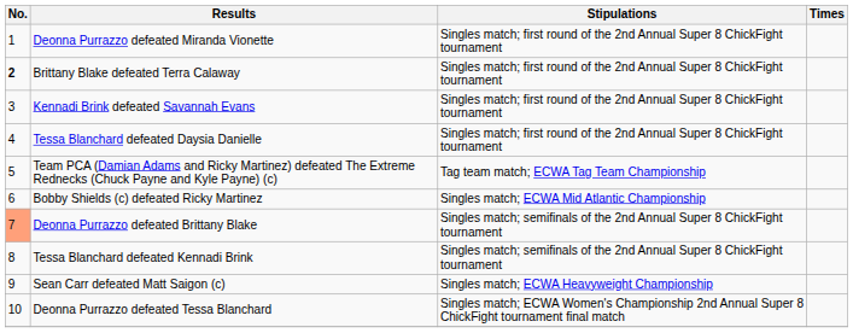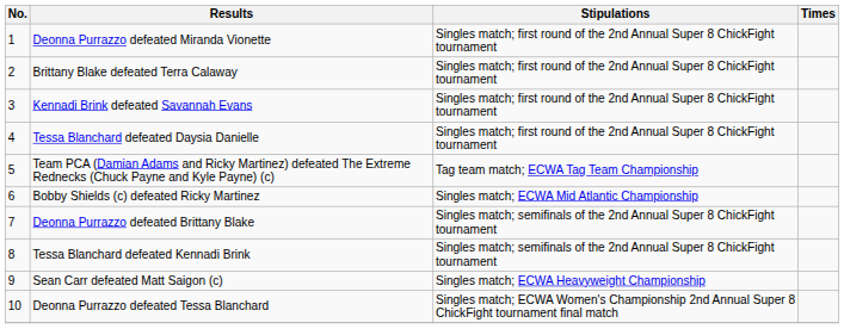 <table style="font-size: 100%" class="wikitable sortable" width="70%">
 <tr>
 <th><strong>No.</strong></th>
 <th><strong>Results</strong></th>
 <th><strong>Stipulations</strong></th>
 <th><strong>Times</strong></th>
 </tr>
 <tr>
 <td>1</td>
 <td><a href='#'>Deonna Purrazzo</a> defeated Miranda Vionette</td>
 <td>Singles match; first round of the 2nd Annual Super 8 ChickFight tournament</td>
 <td></td>
 </tr>
 <tr>
-<td><strong>2</strong></td>
+<td>2</td>
 <td>Brittany Blake defeated Terra Calaway</td>
 <td>Singles match; first round of the 2nd Annual Super 8 ChickFight tournament</td>
 <td></td>
 </tr>
 <tr>
 <td>3</td>
 <td><a href='#'>Kennadi Brink</a> defeated <a href='#'>Savannah Evans</a></td>
 <td>Singles match; first round of the 2nd Annual Super 8 ChickFight tournament</td>
 <td></td>
 </tr>
 <tr>
 <td>4</td>
 <td><a href='#'>Tessa Blanchard</a> defeated Daysia Danielle</td>
 <td>Singles match; first round of the 2nd Annual Super 8 ChickFight tournament</td>
 <td></td>
 </tr>
 <tr>
 <td>5</td>
 <td>Team PCA (<a href='#'>Damian Adams</a> and Ricky Martinez) defeated The Extreme Rednecks (Chuck Payne and Kyle Payne) (c)</td>
 <td>Tag team match; <a href='#'>ECWA Tag Team Championship</a></td>
 <td></td>
 </tr>
 <tr>
 <td>6</td>
 <td>Bobby Shields (c) defeated Ricky Martinez</td>
 <td>Singles match; <a href='#'>ECWA Mid Atlantic Championship</a></td>
 <td></td>
 </tr>
 <tr>
-<td style="background: lightsalmon;">7</td>
+<td>7</td>
 <td><a href='#'>Deonna Purrazzo</a> defeated Brittany Blake</td>
 <td>Singles match; semifinals of the 2nd Annual Super 8 ChickFight tournament</td>
 <td></td>
 </tr>
 <tr>
 <td>8</td>
 <td>Tessa Blanchard defeated Kennadi Brink</td>
 <td>Singles match; semifinals of the 2nd Annual Super 8 ChickFight tournament</td>
 <td></td>
 </tr>
 <tr>
 <td>9</td>
 <td>Sean Carr defeated Matt Saigon (c)</td>
 <td>Singles match; <a href='#'>ECWA Heavyweight Championship</a></td>
 <td></td>
 </tr>
 <tr>
 <td>10</td>
 <td>Deonna Purrazzo defeated Tessa Blanchard</td>
 <td>Singles match; ECWA Women's Championship 2nd Annual Super 8 ChickFight tournament final match</td>
 <td></td>
 </tr>
 <tr>
 </tr>
 </table>
